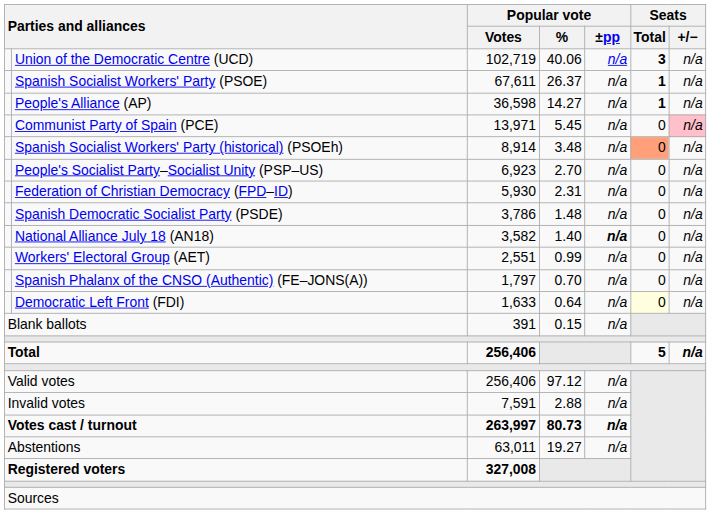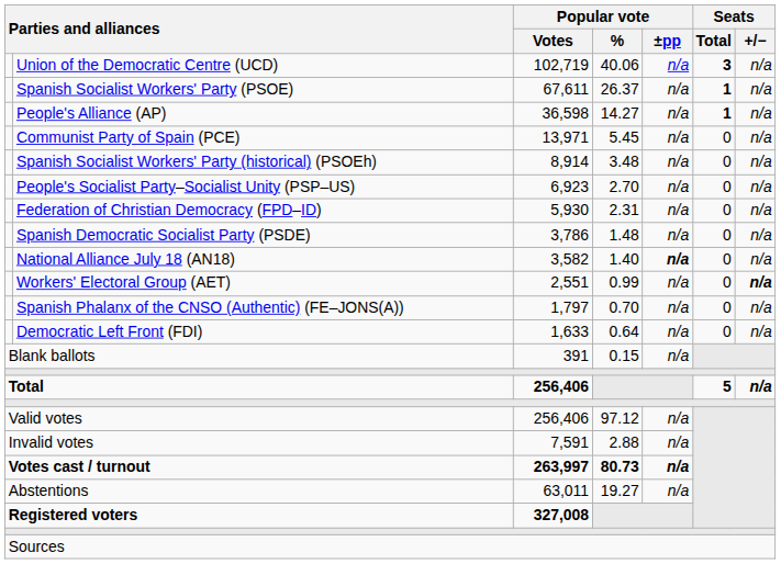 <table class="wikitable" style="text-align:right;">
 <tr>
 <th style="text-align:left;" rowspan="2" colspan="2" width="525">Parties and alliances</th>
 <th colspan="3">Popular vote</th>
 <th colspan="2">Seats</th>
 </tr>
 <tr>
 <th width="75">Votes</th>
 <th width="45">%</th>
 <th width="45">±<a href='#'>pp</a></th>
 <th width="35">Total</th>
 <th width="35">+/−</th>
 </tr>
 <tr>
 <td width="1" style="color:inherit;background:"></td>
 <td align="left"><a href='#'>Union of the Democratic Centre</a> (UCD)</td>
 <td>102,719</td>
 <td>40.06</td>
 <td><em><a href='#'>n/a</a></em></td>
 <td><strong>3</strong></td>
 <td><em>n/a</em></td>
 </tr>
 <tr>
 <td style="color:inherit;background:"></td>
 <td align="left"><a href='#'>Spanish Socialist Workers' Party</a> (PSOE)</td>
 <td>67,611</td>
 <td>26.37</td>
 <td><em>n/a</em></td>
 <td><strong>1</strong></td>
 <td><em>n/a</em></td>
 </tr>
 <tr>
 <td style="color:inherit;background:"></td>
 <td align="left"><a href='#'>People's Alliance</a> (AP)</td>
 <td>36,598</td>
 <td>14.27</td>
 <td><em>n/a</em></td>
 <td><strong>1</strong></td>
 <td><em>n/a</em></td>
 </tr>
 <tr>
 <td style="color:inherit;background:"></td>
 <td align="left"><a href='#'>Communist Party of Spain</a> (PCE)</td>
 <td>13,971</td>
 <td>5.45</td>
 <td><em>n/a</em></td>
 <td>0</td>
-<td style="background: pink;"><em>n/a</em></td>
+<td><em>n/a</em></td>
 </tr>
 <tr>
 <td style="color:inherit;background:"></td>
 <td align="left"><a href='#'>Spanish Socialist Workers' Party (historical)</a> (PSOEh)</td>
 <td>8,914</td>
 <td>3.48</td>
 <td><em>n/a</em></td>
-<td style="background: lightsalmon;">0</td>
+<td>0</td>
 <td><em>n/a</em></td>
 </tr>
 <tr>
 <td style="color:inherit;background:"></td>
 <td align="left"><a href='#'>People's Socialist Party</a>–<a href='#'>Socialist Unity</a> (PSP–US)</td>
 <td>6,923</td>
 <td>2.70</td>
 <td><em>n/a</em></td>
 <td>0</td>
 <td><em>n/a</em></td>
 </tr>
 <tr>
 <td style="color:inherit;background:"></td>
 <td align="left"><a href='#'>Federation of Christian Democracy</a> (<a href='#'>FPD</a>–<a href='#'>ID</a>)</td>
 <td>5,930</td>
 <td>2.31</td>
 <td><em>n/a</em></td>
 <td>0</td>
 <td><em>n/a</em></td>
 </tr>
 <tr>
 <td style="color:inherit;background:"></td>
 <td align="left"><a href='#'>Spanish Democratic Socialist Party</a> (PSDE)</td>
 <td>3,786</td>
 <td>1.48</td>
 <td><em>n/a</em></td>
 <td>0</td>
 <td><em>n/a</em></td>
 </tr>
 <tr>
 <td style="color:inherit;background:"></td>
 <td align="left"><a href='#'>National Alliance July 18</a> (AN18)</td>
 <td>3,582</td>
 <td>1.40</td>
 <td><strong><em>n/a</em></strong></td>
 <td>0</td>
 <td><em>n/a</em></td>
 </tr>
 <tr>
 <td style="color:inherit;background:"></td>
 <td align="left"><a href='#'>Workers' Electoral Group</a> (AET)</td>
 <td>2,551</td>
 <td>0.99</td>
 <td><em>n/a</em></td>
 <td>0</td>
-<td><em>n/a</em></td>
+<td><strong><em>n/a</em></strong></td>
 </tr>
 <tr>
 <td style="color:inherit;background:"></td>
 <td align="left"><a href='#'>Spanish Phalanx of the CNSO (Authentic)</a> (FE–JONS(A))</td>
 <td>1,797</td>
 <td>0.70</td>
 <td><em>n/a</em></td>
 <td>0</td>
 <td><em>n/a</em></td>
 </tr>
 <tr>
 <td style="color:inherit;background:"></td>
 <td align="left"><a href='#'>Democratic Left Front</a> (FDI)</td>
 <td>1,633</td>
 <td>0.64</td>
 <td><em>n/a</em></td>
-<td style="background: lightyellow;">0</td>
+<td>0</td>
 <td><em>n/a</em></td>
 </tr>
 <tr>
 <td align="left" colspan="2">Blank ballots</td>
 <td>391</td>
 <td>0.15</td>
 <td><em>n/a</em></td>
 <td bgcolor="#E9E9E9" colspan="2"></td>
 </tr>
 <tr>
 <td colspan="7" bgcolor="#E9E9E9"></td>
 </tr>
 <tr style="font-weight:bold;">
 <td align="left" colspan="2">Total</td>
 <td>256,406</td>
 <td bgcolor="#E9E9E9" colspan="2"></td>
 <td>5</td>
 <td><em>n/a</em></td>
 </tr>
 <tr>
 <td colspan="7" bgcolor="#E9E9E9"></td>
 </tr>
 <tr>
 <td align="left" colspan="2">Valid votes</td>
 <td>256,406</td>
 <td>97.12</td>
 <td><em>n/a</em></td>
 <td bgcolor="#E9E9E9" colspan="2" rowspan="5"></td>
 </tr>
 <tr>
 <td align="left" colspan="2">Invalid votes</td>
 <td>7,591</td>
 <td>2.88</td>
 <td><em>n/a</em></td>
 </tr>
 <tr style="font-weight:bold;">
 <td align="left" colspan="2">Votes cast / turnout</td>
 <td>263,997</td>
 <td>80.73</td>
 <td><em>n/a</em></td>
 </tr>
 <tr>
 <td align="left" colspan="2">Abstentions</td>
 <td>63,011</td>
 <td>19.27</td>
 <td><em>n/a</em></td>
 </tr>
 <tr style="font-weight:bold;">
 <td align="left" colspan="2">Registered voters</td>
 <td>327,008</td>
 <td bgcolor="#E9E9E9" colspan="2"></td>
 </tr>
 <tr>
 <td colspan="7" bgcolor="#E9E9E9"></td>
 </tr>
 <tr>
 <td align="left" colspan="7">Sources</td>
 </tr>
 </table>
